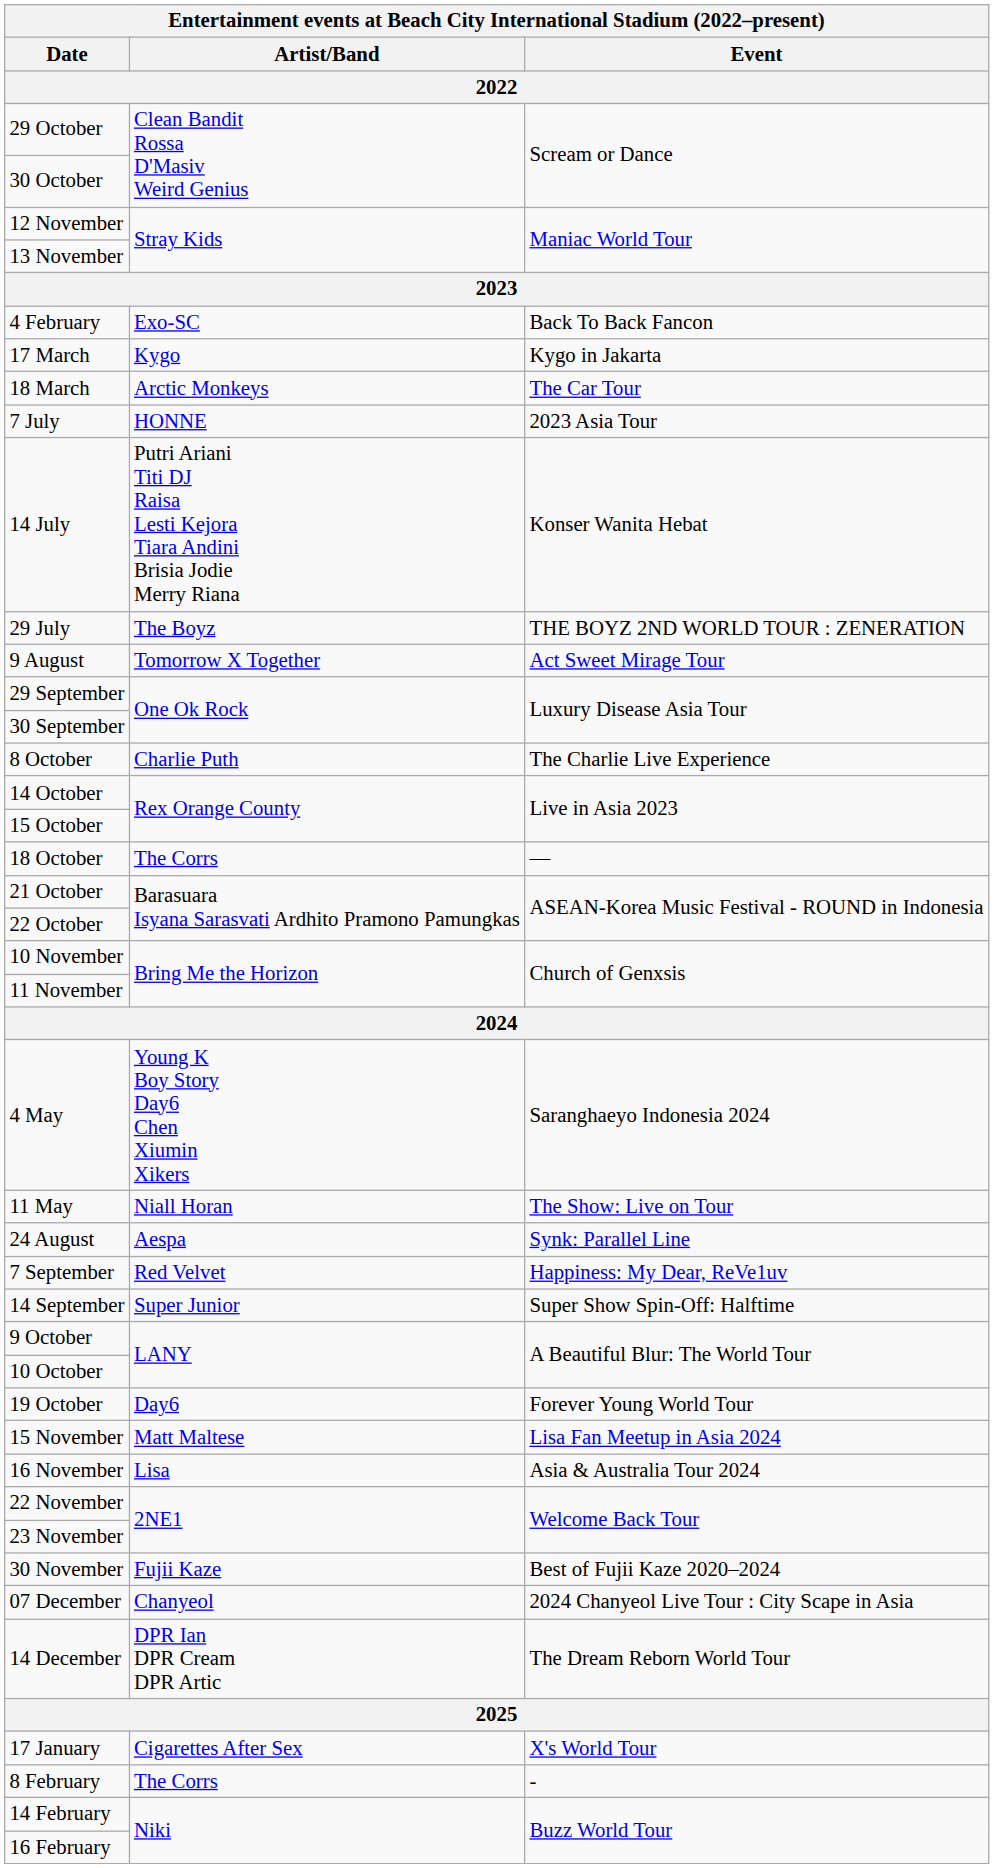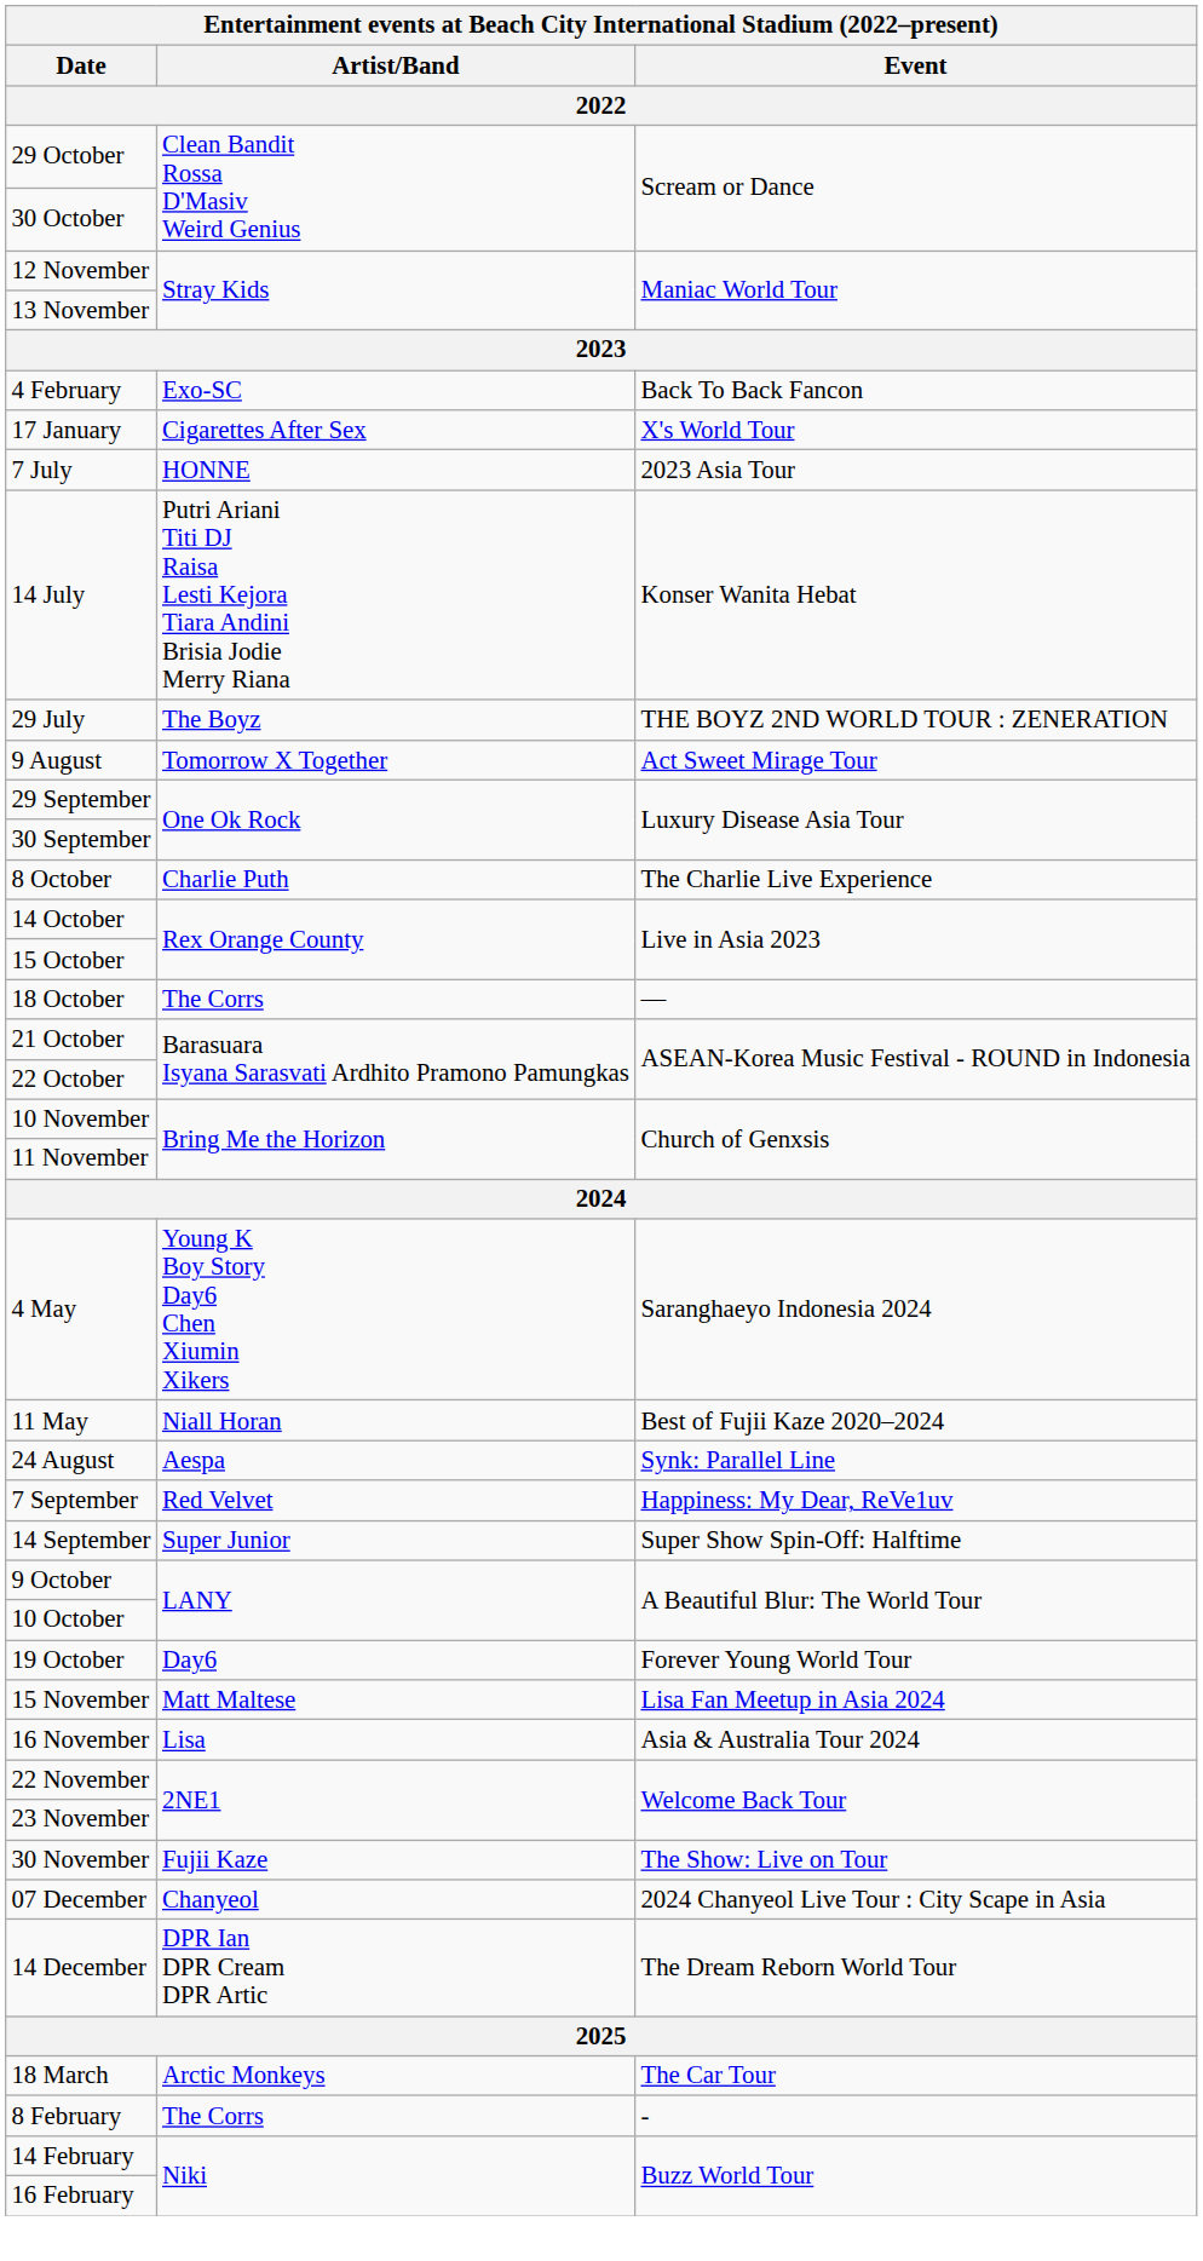 <table class="wikitable">
 <tr>
 <th colspan=3>Entertainment events at Beach City International Stadium (2022–present)</th>
 </tr>
 <tr>
 <th>Date</th>
 <th>Artist/Band</th>
 <th>Event</th>
 </tr>
 <tr>
 <th colspan=3>2022</th>
 </tr>
 <tr>
 <td>29 October</td>
 <td rowspan=2><a href='#'>Clean Bandit</a><br><a href='#'>Rossa</a><br><a href='#'>D'Masiv</a><br><a href='#'>Weird Genius</a></td>
 <td rowspan=2>Scream or Dance</td>
 </tr>
 <tr>
 <td>30 October</td>
 </tr>
 <tr>
 <td>12 November</td>
 <td rowspan="2"><a href='#'>Stray Kids</a></td>
 <td rowspan="2"><a href='#'>Maniac World Tour</a></td>
 </tr>
 <tr>
 <td>13 November</td>
 </tr>
 <tr>
 <th colspan=3>2023</th>
 </tr>
 <tr>
 <td>4 February</td>
 <td><a href='#'>Exo-SC</a></td>
 <td>Back To Back Fancon</td>
 </tr>
 <tr>
-<td>17 March</td>
-<td><a href='#'>Kygo</a></td>
-<td>Kygo in Jakarta</td>
-</tr>
-<tr>
-<td>18 March</td>
-<td><a href='#'>Arctic Monkeys</a></td>
-<td><a href='#'>The Car Tour</a></td>
+<td>17 January</td>
+<td><a href='#'>Cigarettes After Sex</a></td>
+<td><a href='#'>X's World Tour</a></td>
 </tr>
 <tr>
 <td>7 July</td>
 <td><a href='#'>HONNE</a></td>
 <td>2023 Asia Tour</td>
 </tr>
 <tr>
 <td>14 July</td>
 <td>Putri Ariani<br><a href='#'>Titi DJ</a><br><a href='#'>Raisa</a><br><a href='#'>Lesti Kejora</a><br><a href='#'>Tiara Andini</a><br>Brisia Jodie<br>Merry Riana</td>
 <td>Konser Wanita Hebat</td>
 </tr>
 <tr>
 <td>29 July</td>
 <td><a href='#'>The Boyz</a></td>
 <td>THE BOYZ 2ND WORLD TOUR : ZENERATION</td>
 </tr>
 <tr>
 <td>9 August</td>
 <td><a href='#'>Tomorrow X Together</a></td>
 <td><a href='#'>Act Sweet Mirage Tour</a></td>
 </tr>
 <tr>
 <td>29 September</td>
 <td rowspan="2"><a href='#'>One Ok Rock</a></td>
 <td rowspan="2">Luxury Disease Asia Tour</td>
 </tr>
 <tr>
 <td>30 September</td>
 </tr>
 <tr>
 <td>8 October</td>
 <td><a href='#'>Charlie Puth</a></td>
 <td>The Charlie Live Experience</td>
 </tr>
 <tr>
 <td>14 October</td>
 <td rowspan="2"><a href='#'>Rex Orange County</a></td>
 <td rowspan="2">Live in Asia 2023</td>
 </tr>
 <tr>
 <td>15 October</td>
 </tr>
 <tr>
 <td>18 October</td>
 <td><a href='#'>The Corrs</a></td>
 <td>—</td>
 </tr>
 <tr>
 <td>21 October</td>
 <td rowspan="2">Barasuara<br><a href='#'>Isyana Sarasvati</a> Ardhito Pramono Pamungkas</td>
 <td rowspan="2">ASEAN-Korea Music Festival - ROUND in Indonesia</td>
 </tr>
 <tr>
 <td>22 October</td>
 </tr>
 <tr>
 <td>10 November</td>
 <td rowspan="2"><a href='#'>Bring Me the Horizon</a></td>
 <td rowspan="2">Church of Genxsis</td>
 </tr>
 <tr>
 <td>11 November</td>
 </tr>
 <tr>
 <th colspan=3>2024</th>
 </tr>
 <tr>
 <td>4 May</td>
 <td><a href='#'>Young K</a><br><a href='#'>Boy Story</a><br><a href='#'>Day6</a><br><a href='#'>Chen</a><br><a href='#'>Xiumin</a><br><a href='#'>Xikers</a></td>
 <td>Saranghaeyo Indonesia 2024</td>
 </tr>
 <tr>
 <td>11 May</td>
 <td><a href='#'>Niall Horan</a></td>
-<td><a href='#'>The Show: Live on Tour</a></td>
+<td>Best of Fujii Kaze 2020–2024</td>
 </tr>
 <tr>
 <td>24 August</td>
 <td><a href='#'>Aespa</a></td>
 <td><a href='#'>Synk: Parallel Line</a></td>
 </tr>
 <tr>
 <td>7 September</td>
 <td><a href='#'>Red Velvet</a></td>
 <td><a href='#'>Happiness: My Dear, ReVe1uv</a></td>
 </tr>
 <tr>
 <td>14 September</td>
 <td><a href='#'>Super Junior</a></td>
 <td>Super Show Spin-Off: Halftime</td>
 </tr>
 <tr>
 <td>9 October</td>
 <td rowspan=2><a href='#'>LANY</a></td>
 <td rowspan=2>A Beautiful Blur: The World Tour</td>
 </tr>
 <tr>
 <td>10 October</td>
 </tr>
 <tr>
 <td>19 October</td>
 <td><a href='#'>Day6</a></td>
 <td>Forever Young World Tour</td>
 </tr>
 <tr>
 <td>15 November</td>
 <td><a href='#'>Matt Maltese</a></td>
 <td><a href='#'>Lisa Fan Meetup in Asia 2024</a></td>
 </tr>
 <tr>
 <td>16 November</td>
 <td><a href='#'>Lisa</a></td>
 <td>Asia & Australia Tour 2024</td>
 </tr>
 <tr>
 <td>22 November</td>
 <td rowspan="2"><a href='#'>2NE1</a></td>
 <td rowspan="2"><a href='#'>Welcome Back Tour</a></td>
 </tr>
 <tr>
 <td>23 November</td>
 </tr>
 <tr>
 <td>30 November</td>
 <td><a href='#'>Fujii Kaze</a></td>
-<td>Best of Fujii Kaze 2020–2024</td>
+<td><a href='#'>The Show: Live on Tour</a></td>
 </tr>
 <tr>
 <td>07 December</td>
 <td><a href='#'>Chanyeol</a></td>
 <td>2024 Chanyeol Live Tour : City Scape in Asia</td>
 </tr>
 <tr>
 <td>14 December</td>
 <td><a href='#'>DPR Ian</a><br>DPR Cream<br>DPR Artic</td>
 <td>The Dream Reborn World Tour</td>
 </tr>
 <tr>
 <th colspan=3>2025</th>
 </tr>
 <tr>
-<td>17 January</td>
-<td><a href='#'>Cigarettes After Sex</a></td>
-<td><a href='#'>X's World Tour</a></td>
+<td>18 March</td>
+<td><a href='#'>Arctic Monkeys</a></td>
+<td><a href='#'>The Car Tour</a></td>
 </tr>
 <tr>
 <td>8 February</td>
 <td><a href='#'>The Corrs</a></td>
 <td>-</td>
 </tr>
 <tr>
 <td>14 February</td>
 <td rowspan="2"><a href='#'>Niki</a></td>
 <td rowspan="2"><a href='#'>Buzz World Tour</a></td>
 </tr>
 <tr>
 <td>16 February</td>
 </tr>
 </table>
